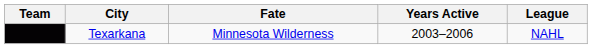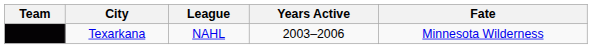 <table class="wikitable sortable" width="60%">
 <tr>
 <th>Team</th>
 <th>City</th>
+<th>League</th>
+<th>Years Active</th>
 <th>Fate</th>
-<th>Years Active</th>
-<th>League</th>
 </tr>
 <tr align=center>
 <td style="color:white; background:#040204; "><strong><a href='#'></a></strong></td>
 <td><a href='#'>Texarkana</a></td>
+<td><a href='#'>NAHL</a></td>
+<td>2003–2006</td>
 <td><a href='#'>Minnesota Wilderness</a></td>
-<td>2003–2006</td>
-<td><a href='#'>NAHL</a></td>
 </tr>
 </table>
